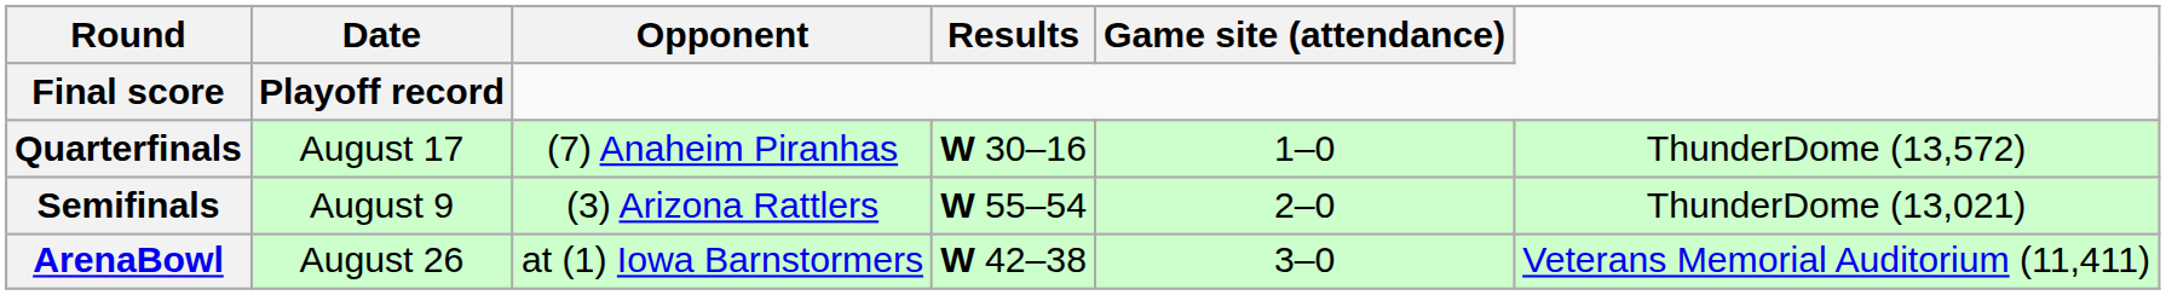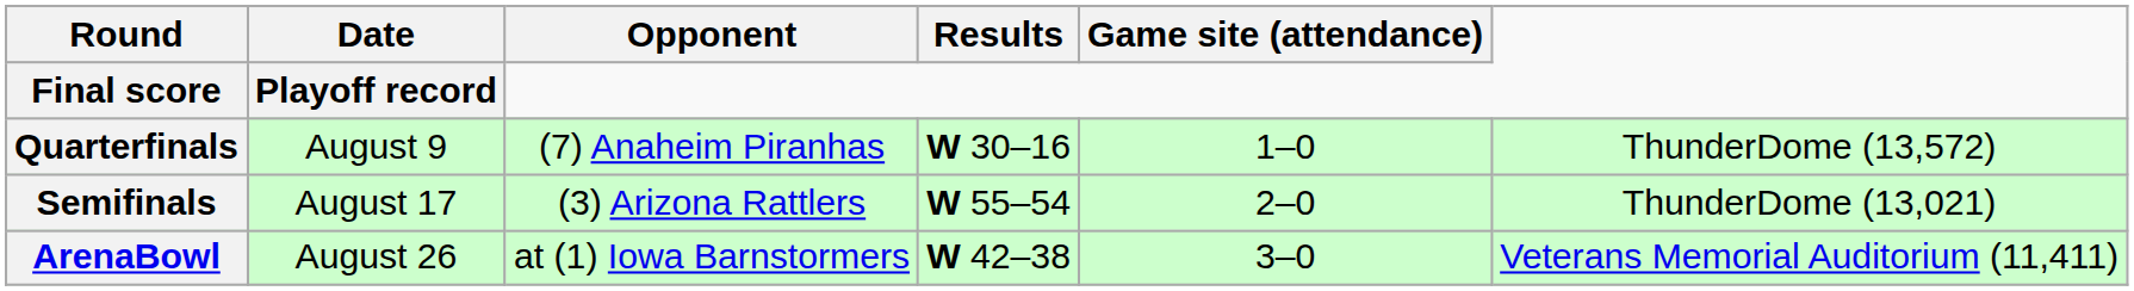 <table class="wikitable" style="font-size: 92%;" "align=center">
 <tr>
 <th>Round</th>
 <th>Date</th>
 <th>Opponent</th>
 <th>Results</th>
 <th>Game site (attendance)</th>
 </tr>
 <tr>
 <th>Final score</th>
 <th>Playoff record</th>
 </tr>
 <tr style="background:#cfc">
 <th>Quarterfinals</th>
-<td style="text-align:center;">August 17</td>
+<td style="text-align:center;">August 9</td>
 <td style="text-align:center;">(7) <a href='#'>Anaheim Piranhas</a></td>
 <td style="text-align:center;"><strong>W</strong> 30–16</td>
 <td style="text-align:center;">1–0</td>
 <td style="text-align:center;">ThunderDome (13,572)</td>
 </tr>
 <tr style="background:#cfc">
 <th>Semifinals</th>
-<td style="text-align:center;">August 9</td>
+<td style="text-align:center;">August 17</td>
 <td style="text-align:center;">(3) <a href='#'>Arizona Rattlers</a></td>
 <td style="text-align:center;"><strong>W</strong> 55–54</td>
 <td style="text-align:center;">2–0</td>
 <td style="text-align:center;">ThunderDome (13,021)</td>
 </tr>
 <tr style="background:#cfc">
 <th><a href='#'>ArenaBowl</a></th>
 <td style="text-align:center;">August 26</td>
 <td style="text-align:center;">at (1) <a href='#'>Iowa Barnstormers</a></td>
 <td style="text-align:center;"><strong>W</strong> 42–38</td>
 <td style="text-align:center;">3–0</td>
 <td style="text-align:center;"><a href='#'>Veterans Memorial Auditorium</a> (11,411)</td>
 </tr>
 </table>
